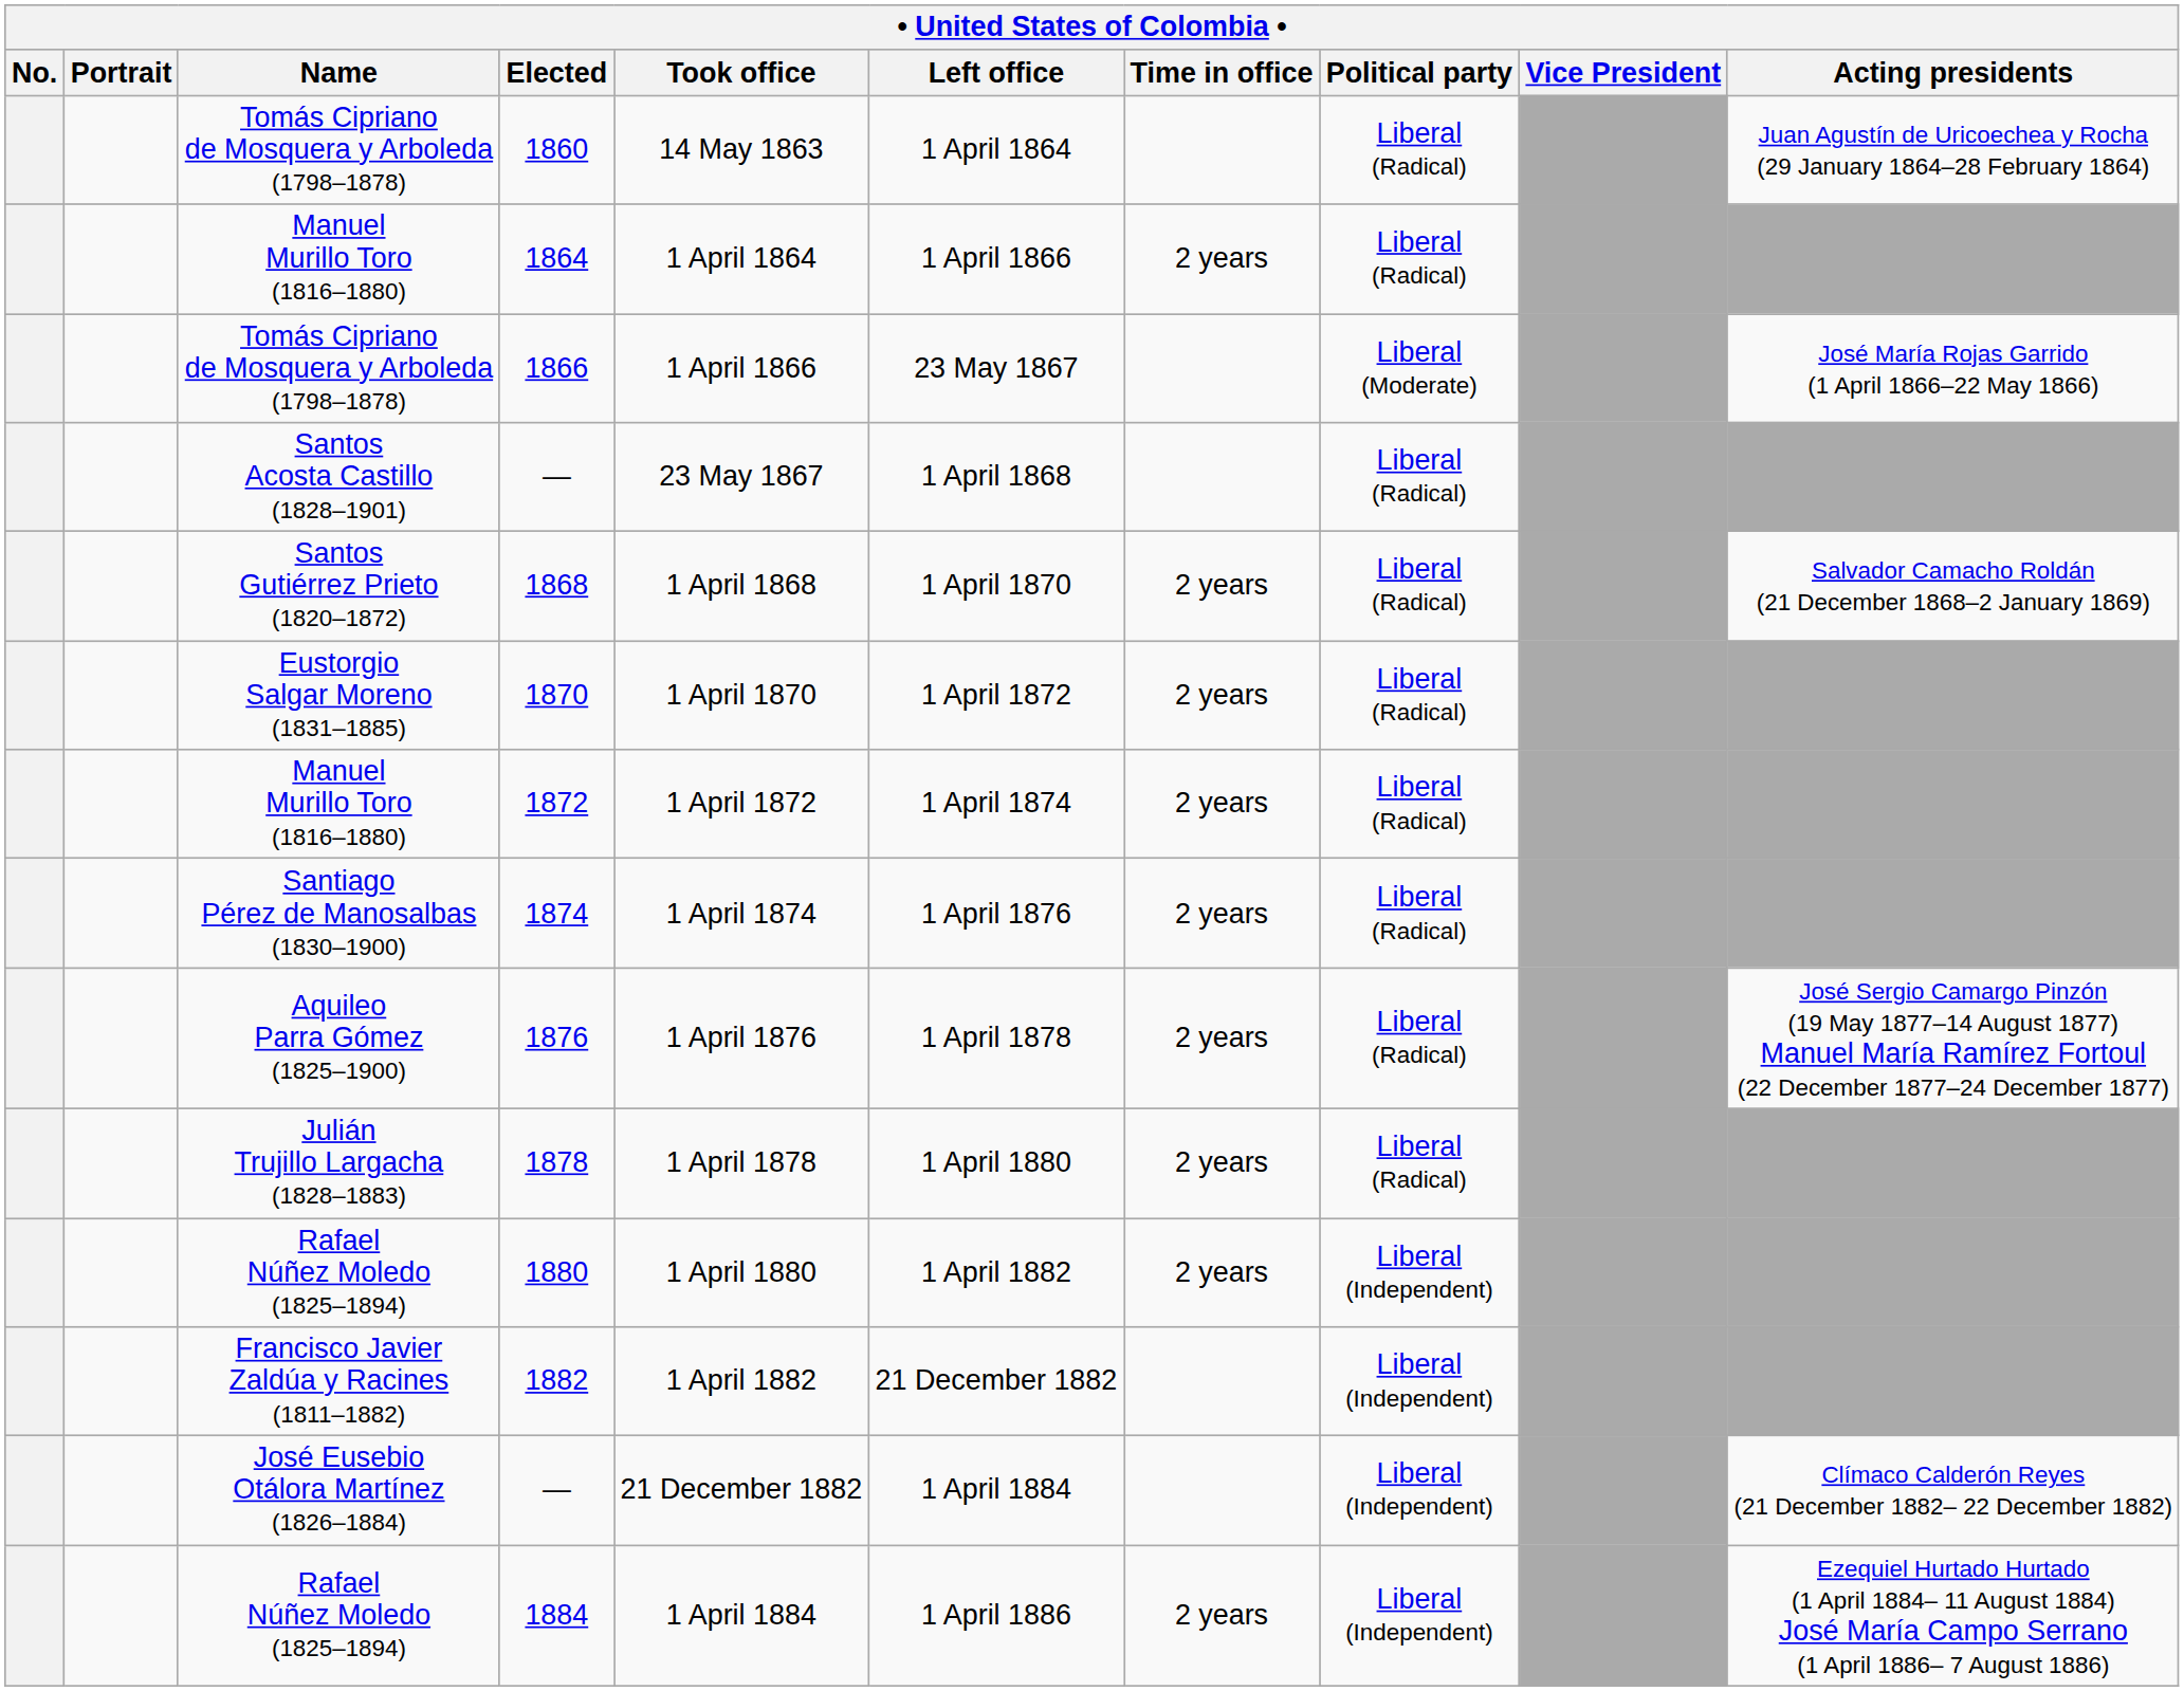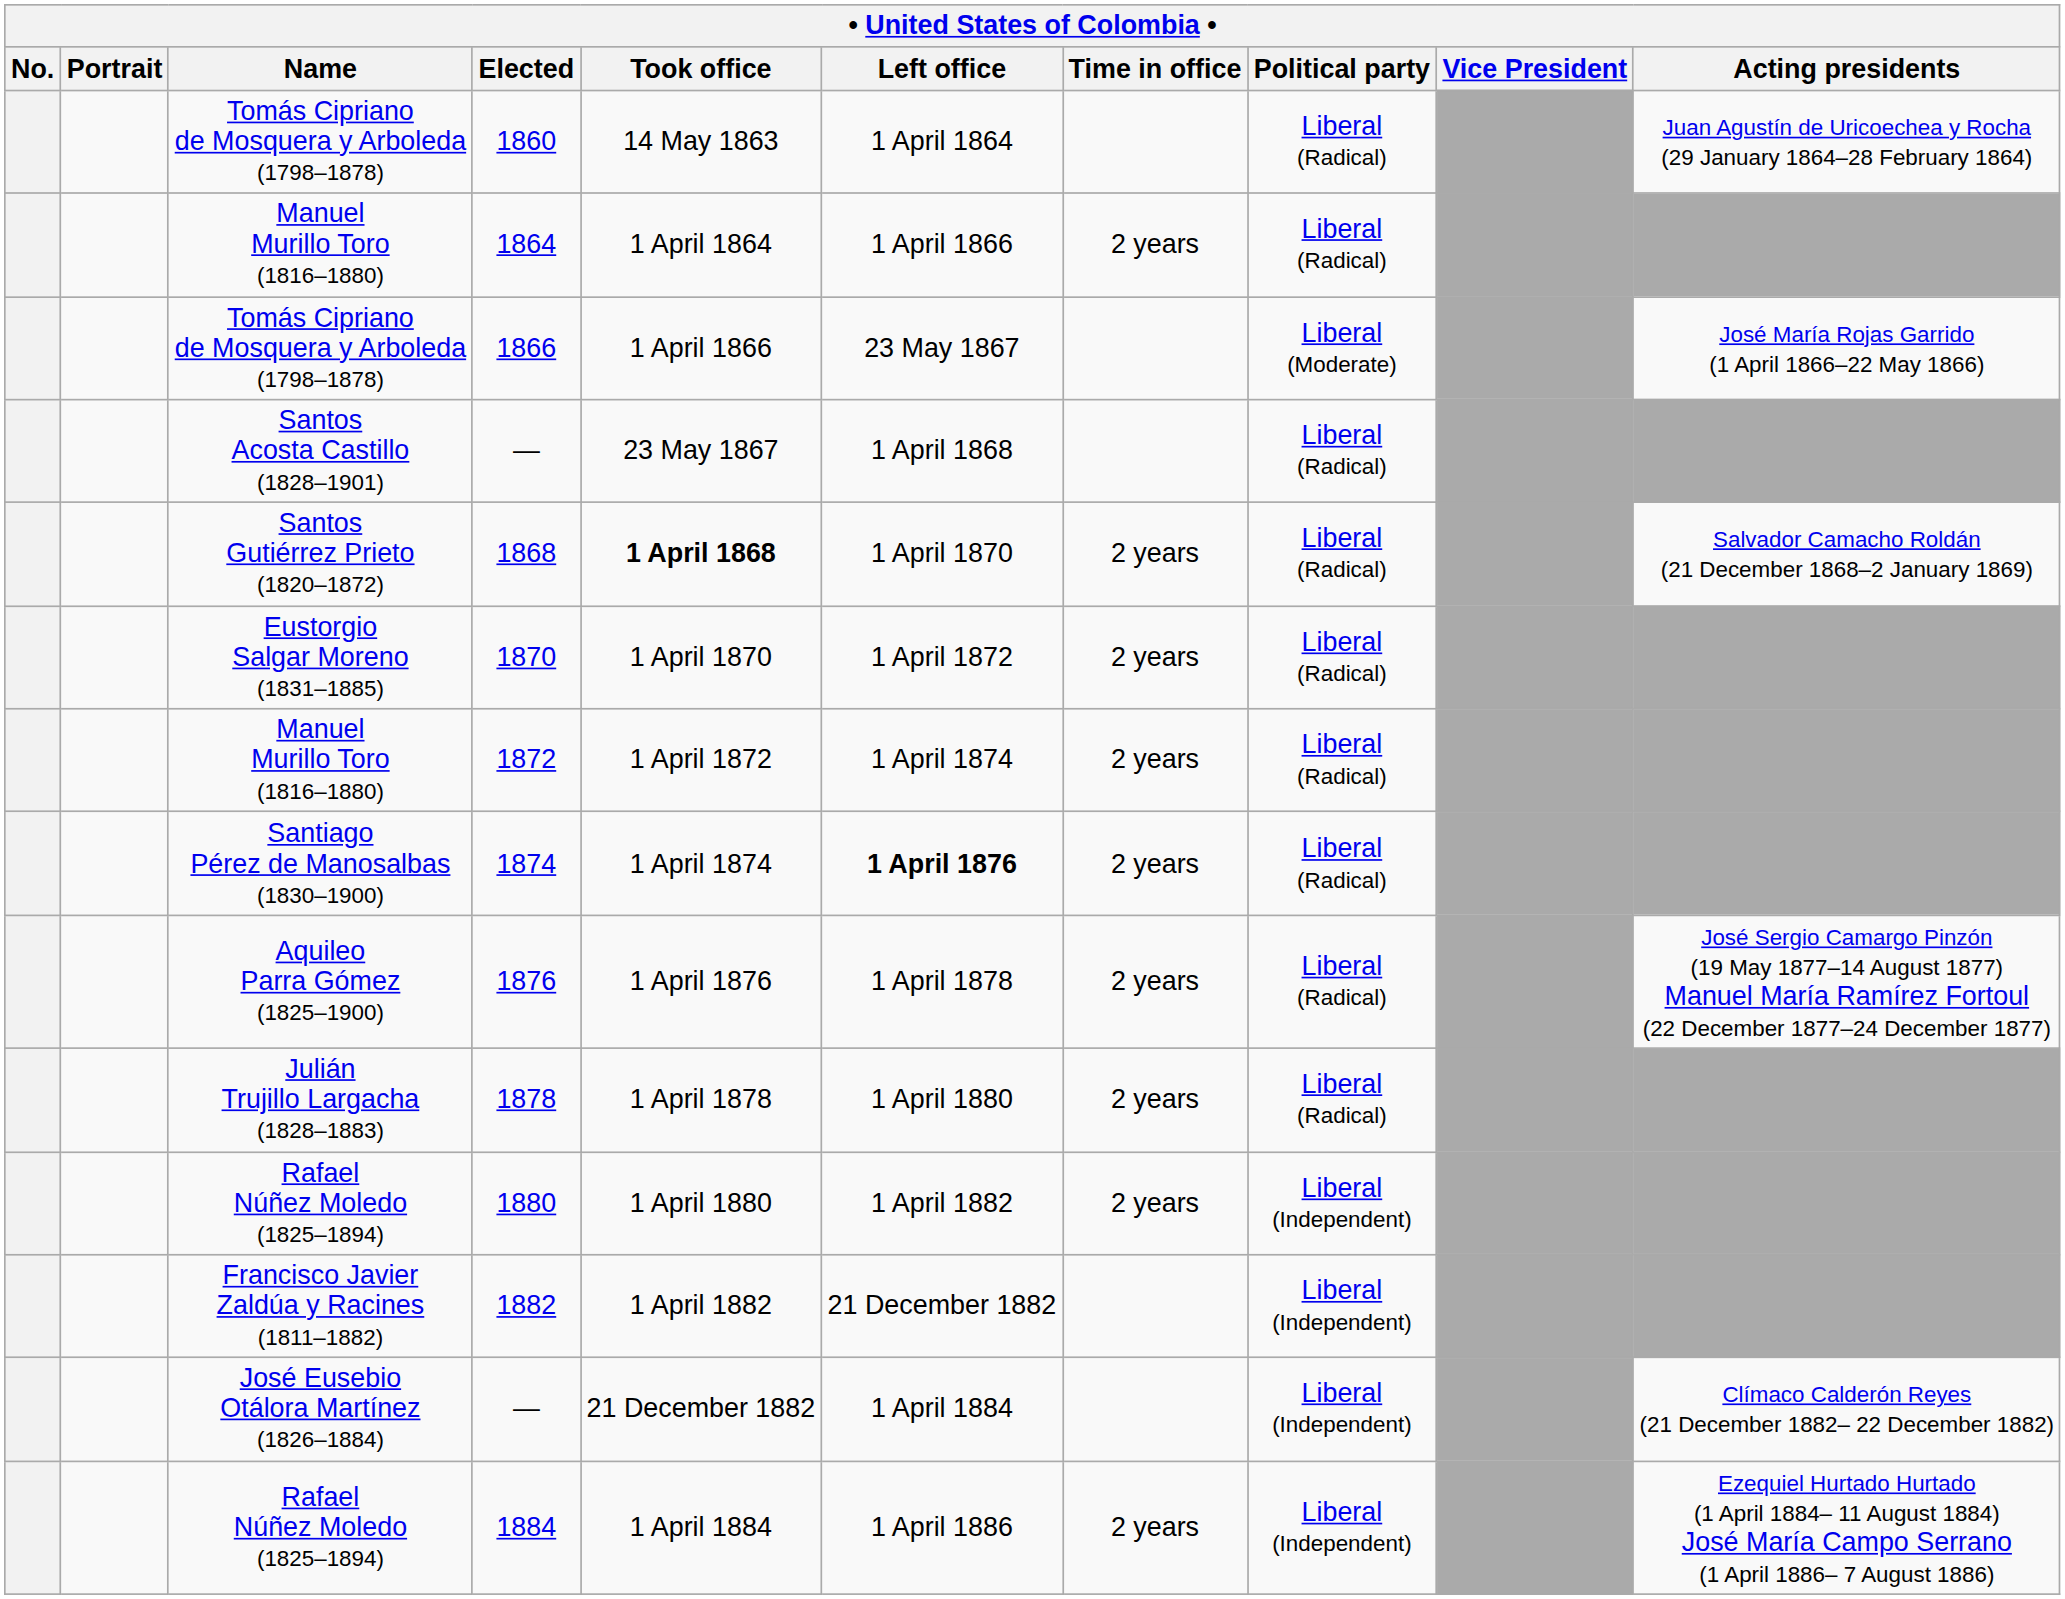 <table class="wikitable" style="text-align: center;">
 <tr>
 <th colspan="10"> • <a href='#'>United States of Colombia</a> • </th>
 </tr>
 <tr>
 <th>No.</th>
 <th>Portrait</th>
 <th>Name<br></th>
 <th>Elected</th>
 <th>Took office</th>
 <th>Left office</th>
 <th><strong>Time in office</strong></th>
 <th>Political party</th>
 <th><a href='#'>Vice President</a></th>
 <th>Acting presidents</th>
 </tr>
 <tr>
 <th style="background:"></th>
 <td></td>
 <td><a href='#'>Tomás Cipriano<br>de Mosquera y Arboleda</a><br><small>(1798–1878)</small><br></td>
 <td><a href='#'>1860</a></td>
 <td>14 May 1863</td>
 <td>1 April 1864</td>
 <td></td>
 <td><a href='#'>Liberal</a><br><small>(Radical)</small></td>
 <td bgcolor=#aaaaaa></td>
 <td><small><a href='#'>Juan Agustín de Uricoechea y Rocha</a></small><br><small>(29 January 1864–28 February 1864)</small></td>
 </tr>
 <tr>
 <th style="background:"></th>
 <td></td>
 <td><a href='#'>Manuel<br>Murillo Toro</a><br><small>(1816–1880)</small><br></td>
 <td><a href='#'>1864</a></td>
 <td>1 April 1864</td>
 <td>1 April 1866</td>
 <td>2 years</td>
 <td><a href='#'>Liberal</a><br><small>(Radical)</small></td>
 <td bgcolor=#aaaaaa></td>
 <td bgcolor=#aaaaaa></td>
 </tr>
 <tr>
 <th style="background:"></th>
 <td></td>
 <td><a href='#'>Tomás Cipriano<br>de Mosquera y Arboleda</a><br><small>(1798–1878)</small><br></td>
 <td><a href='#'>1866</a></td>
 <td>1 April 1866</td>
 <td>23 May 1867</td>
 <td></td>
 <td><a href='#'>Liberal</a><br><small>(Moderate)</small></td>
 <td bgcolor=#aaaaaa></td>
 <td><small><a href='#'>José María Rojas Garrido</a></small><br><small>(1 April 1866–22 May 1866)</small></td>
 </tr>
 <tr>
 <th style="background:"></th>
 <td></td>
 <td><a href='#'>Santos<br>Acosta Castillo</a><br><small>(1828–1901)</small><br></td>
 <td>—</td>
 <td>23 May 1867<br></td>
 <td>1 April 1868</td>
 <td></td>
 <td><a href='#'>Liberal</a><br><small>(Radical)</small></td>
 <td bgcolor=#aaaaaa></td>
 <td bgcolor=#aaaaaa></td>
 </tr>
 <tr>
 <th style="background:"></th>
 <td></td>
 <td><a href='#'>Santos<br>Gutiérrez Prieto</a><br><small>(1820–1872)</small><br></td>
 <td><a href='#'>1868</a></td>
-<td>1 April 1868</td>
+<td><strong>1 April 1868</strong></td>
 <td>1 April 1870</td>
 <td>2 years</td>
 <td><a href='#'>Liberal</a><br><small>(Radical)</small></td>
 <td bgcolor=#aaaaaa></td>
 <td><small><a href='#'>Salvador Camacho Roldán</a></small><br><small>(21 December 1868–2 January 1869)</small></td>
 </tr>
 <tr>
 <th style="background:"></th>
 <td></td>
 <td><a href='#'>Eustorgio<br>Salgar Moreno</a><br><small>(1831–1885)</small><br></td>
 <td><a href='#'>1870</a></td>
 <td>1 April 1870</td>
 <td>1 April 1872</td>
 <td>2 years</td>
 <td><a href='#'>Liberal</a><br><small>(Radical)</small></td>
 <td bgcolor=#aaaaaa></td>
 <td bgcolor=#aaaaaa></td>
 </tr>
 <tr>
 <th style="background:"></th>
 <td></td>
 <td><a href='#'>Manuel<br>Murillo Toro</a><br><small>(1816–1880)</small><br></td>
 <td><a href='#'>1872</a></td>
 <td>1 April 1872</td>
 <td>1 April 1874</td>
 <td>2 years</td>
 <td><a href='#'>Liberal</a><br><small>(Radical)</small></td>
 <td bgcolor=#aaaaaa></td>
 <td bgcolor=#aaaaaa></td>
 </tr>
 <tr>
 <th style="background:"></th>
 <td></td>
 <td><a href='#'>Santiago<br>Pérez de Manosalbas</a><br><small>(1830–1900)</small><br></td>
 <td><a href='#'>1874</a></td>
 <td>1 April 1874</td>
-<td>1 April 1876</td>
+<td><strong>1 April 1876</strong></td>
 <td>2 years</td>
 <td><a href='#'>Liberal</a><br><small>(Radical)</small></td>
 <td bgcolor=#aaaaaa></td>
 <td bgcolor=#aaaaaa></td>
 </tr>
 <tr>
 <th style="background:"></th>
 <td></td>
 <td><a href='#'>Aquileo<br>Parra Gómez</a><br><small>(1825–1900)</small><br></td>
 <td><a href='#'>1876</a></td>
 <td>1 April 1876</td>
 <td>1 April 1878</td>
 <td>2 years</td>
 <td><a href='#'>Liberal</a><br><small>(Radical)</small></td>
 <td bgcolor=#aaaaaa></td>
 <td><small><a href='#'>José Sergio Camargo Pinzón</a></small><br><small>(19 May 1877–14 August 1877)</small><br><a href='#'>Manuel María Ramírez Fortoul</a><br><small>(22 December 1877–24 December 1877)</small></td>
 </tr>
 <tr>
 <th style="background:"></th>
 <td></td>
 <td><a href='#'>Julián<br>Trujillo Largacha</a><br><small>(1828–1883)</small><br></td>
 <td><a href='#'>1878</a></td>
 <td>1 April 1878</td>
 <td>1 April 1880</td>
 <td>2 years</td>
 <td><a href='#'>Liberal</a><br><small>(Radical)</small></td>
 <td bgcolor=#aaaaaa></td>
 <td bgcolor=#aaaaaa></td>
 </tr>
 <tr>
 <th style="background:"></th>
 <td></td>
 <td><a href='#'>Rafael<br>Núñez Moledo</a><br><small>(1825–1894)</small><br></td>
 <td><a href='#'>1880</a></td>
 <td>1 April 1880</td>
 <td>1 April 1882</td>
 <td>2 years</td>
 <td><a href='#'>Liberal</a><br><small>(Independent)</small></td>
 <td bgcolor=#aaaaaa></td>
 <td bgcolor=#aaaaaa></td>
 </tr>
 <tr>
 <th style="background:"></th>
 <td></td>
 <td><a href='#'>Francisco Javier<br>Zaldúa y Racines</a><br><small>(1811–1882)</small><br></td>
 <td><a href='#'>1882</a></td>
 <td>1 April 1882</td>
 <td>21 December 1882<br></td>
 <td></td>
 <td><a href='#'>Liberal</a><br><small>(Independent)</small></td>
 <td bgcolor=#aaaaaa></td>
 <td bgcolor=#aaaaaa></td>
 </tr>
 <tr>
 <th style="background:"></th>
 <td></td>
 <td><a href='#'>José Eusebio<br>Otálora Martínez</a><br><small>(1826–1884)</small><br></td>
 <td>—</td>
 <td>21 December 1882</td>
 <td>1 April 1884</td>
 <td></td>
 <td><a href='#'>Liberal</a><br><small>(Independent)</small></td>
 <td bgcolor=#aaaaaa></td>
 <td><small><a href='#'>Clímaco Calderón Reyes</a></small><br><small>(21 December 1882– 22 December 1882)</small></td>
 </tr>
 <tr>
 <th style="background:"></th>
 <td></td>
 <td><a href='#'>Rafael<br>Núñez Moledo</a><br><small>(1825–1894)</small><br></td>
 <td><a href='#'>1884</a></td>
 <td>1 April 1884</td>
 <td>1 April 1886</td>
 <td>2 years</td>
 <td><a href='#'>Liberal</a><br><small>(Independent)</small></td>
 <td bgcolor=#aaaaaa></td>
 <td><small><a href='#'>Ezequiel Hurtado Hurtado</a></small><br><small>(1 April 1884– 11 August 1884)</small><br><a href='#'>José María Campo Serrano</a><br><small>(1 April 1886– 7 August 1886)</small></td>
 </tr>
 </table>
